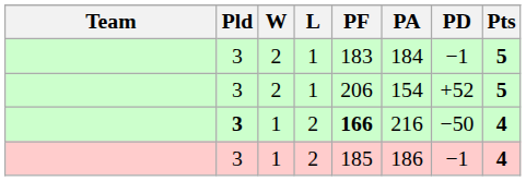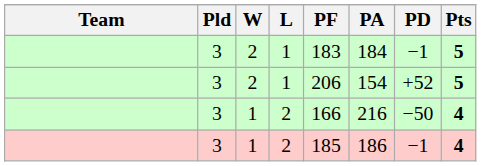 <table class=wikitable>
 <tr align=center>
 </tr>
 <tr>
 <th width=150>Team</th>
 <th width=20>Pld</th>
 <th width=20>W</th>
 <th width=20>L</th>
 <th width=30>PF</th>
 <th width=30>PA</th>
 <th width=30>PD</th>
 <th width=20>Pts</th>
 </tr>
 <tr align=center bgcolor=ccffcc>
 <td align=left></td>
 <td>3</td>
 <td>2</td>
 <td>1</td>
 <td>183</td>
 <td>184</td>
 <td>−1</td>
 <td><strong>5</strong></td>
 </tr>
 <tr align=center bgcolor=ccffcc>
 <td align=left></td>
 <td>3</td>
 <td>2</td>
 <td>1</td>
 <td>206</td>
 <td>154</td>
 <td>+52</td>
 <td><strong>5</strong></td>
 </tr>
 <tr align=center bgcolor=ccffcc>
 <td align=left></td>
-<td><strong>3</strong></td>
+<td>3</td>
 <td>1</td>
 <td>2</td>
-<td><strong>166</strong></td>
+<td>166</td>
 <td>216</td>
 <td>−50</td>
 <td><strong>4</strong></td>
 </tr>
 <tr align=center bgcolor=ffcccc>
 <td align=left></td>
 <td>3</td>
 <td>1</td>
 <td>2</td>
 <td>185</td>
 <td>186</td>
 <td>−1</td>
 <td><strong>4</strong></td>
 </tr>
 </table>
